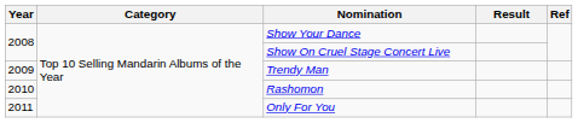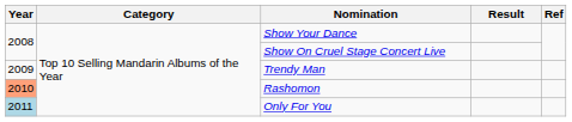 <table class="wikitable">
 <tr>
 <th>Year</th>
 <th width="300">Category</th>
 <th width="280">Nomination</th>
 <th width="90">Result</th>
 <th>Ref</th>
 </tr>
 <tr>
 <td rowspan="2">2008</td>
 <td rowspan="5">Top 10 Selling Mandarin Albums of the Year</td>
 <td><em><a href='#'>Show Your Dance</a></em></td>
 <td></td>
 <td rowspan="2" align="center"></td>
 </tr>
 <tr>
 <td><em><a href='#'>Show On Cruel Stage Concert Live</a></em></td>
 <td></td>
 </tr>
 <tr>
 <td>2009</td>
 <td><em><a href='#'>Trendy Man</a></em></td>
 <td></td>
 <td align="center"></td>
 </tr>
 <tr>
-<td>2010</td>
+<td style="background: lightsalmon;">2010</td>
 <td><em><a href='#'>Rashomon</a></em></td>
 <td></td>
 <td align="center"></td>
 </tr>
 <tr>
-<td>2011</td>
+<td style="background: lightblue;">2011</td>
 <td><em><a href='#'>Only For You</a></em></td>
 <td></td>
 <td align="center"></td>
 </tr>
 </table>
